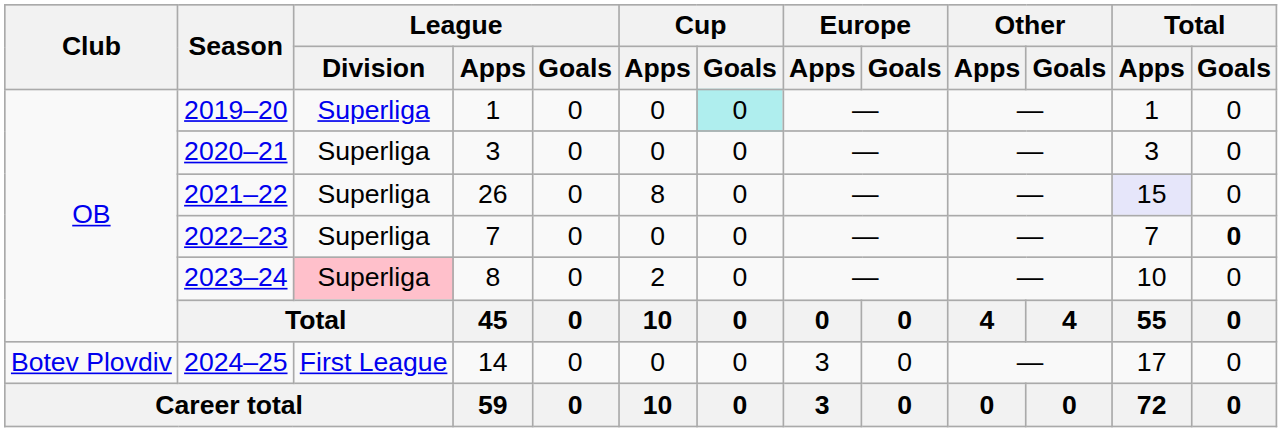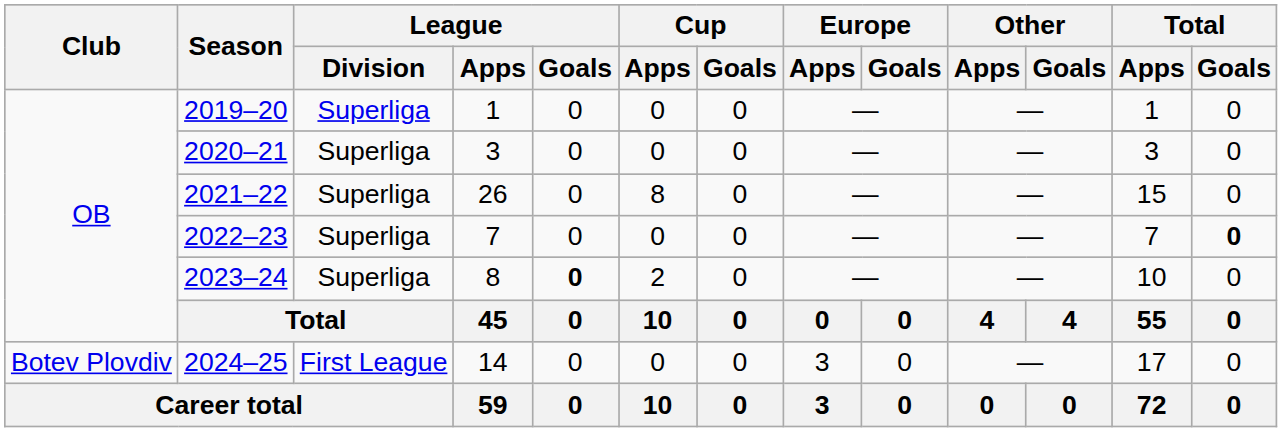 <table class="wikitable" style="text-align:center">
 <tr>
 <th rowspan="2">Club</th>
 <th rowspan="2">Season</th>
 <th colspan="3">League</th>
 <th colspan="2">Cup</th>
 <th colspan="2">Europe</th>
 <th colspan="2">Other</th>
 <th colspan="3">Total</th>
 </tr>
 <tr>
 <th>Division</th>
 <th>Apps</th>
 <th>Goals</th>
 <th>Apps</th>
 <th>Goals</th>
 <th>Apps</th>
 <th>Goals</th>
 <th>Apps</th>
 <th>Goals</th>
 <th>Apps</th>
 <th>Goals</th>
 </tr>
 <tr>
 <td rowspan="6"><a href='#'>OB</a></td>
 <td><a href='#'>2019–20</a></td>
 <td><a href='#'>Superliga</a></td>
 <td>1</td>
 <td>0</td>
 <td>0</td>
-<td style="background: paleturquoise;">0</td>
+<td>0</td>
 <td colspan="2">—</td>
 <td colspan="2">—</td>
 <td>1</td>
 <td>0</td>
 </tr>
 <tr>
 <td><a href='#'>2020–21</a></td>
 <td>Superliga</td>
 <td>3</td>
 <td>0</td>
 <td>0</td>
 <td>0</td>
 <td colspan="2">—</td>
 <td colspan="2">—</td>
 <td>3</td>
 <td>0</td>
 </tr>
 <tr>
 <td><a href='#'>2021–22</a></td>
 <td>Superliga</td>
 <td>26</td>
 <td>0</td>
 <td>8</td>
 <td>0</td>
 <td colspan="2">—</td>
 <td colspan="2">—</td>
-<td style="background: lavender;">15</td>
+<td>15</td>
 <td>0</td>
 </tr>
 <tr>
 <td><a href='#'>2022–23</a></td>
 <td>Superliga</td>
 <td>7</td>
 <td>0</td>
 <td>0</td>
 <td>0</td>
 <td colspan="2">—</td>
 <td colspan="2">—</td>
 <td>7</td>
 <td><strong>0</strong></td>
 </tr>
 <tr>
 <td><a href='#'>2023–24</a></td>
-<td style="background: pink;">Superliga</td>
+<td>Superliga</td>
 <td>8</td>
-<td>0</td>
+<td><strong>0</strong></td>
 <td>2</td>
 <td>0</td>
 <td colspan="2">—</td>
 <td colspan="2">—</td>
 <td>10</td>
 <td>0</td>
 </tr>
 <tr>
 <th colspan="2">Total</th>
 <th>45</th>
 <th>0</th>
 <th>10</th>
 <th>0</th>
 <th>0</th>
 <th>0</th>
 <th>4</th>
 <th>4</th>
 <th>55</th>
 <th>0</th>
 </tr>
 <tr>
 <td rowspan="1"><a href='#'>Botev Plovdiv</a></td>
 <td><a href='#'>2024–25</a></td>
 <td><a href='#'>First League</a></td>
 <td>14</td>
 <td>0</td>
 <td>0</td>
 <td>0</td>
 <td>3</td>
 <td>0</td>
 <td colspan="2">—</td>
 <td>17</td>
 <td>0</td>
 </tr>
 <tr>
 <th colspan="3">Career total</th>
 <th>59</th>
 <th>0</th>
 <th>10</th>
 <th>0</th>
 <th>3</th>
 <th>0</th>
 <th>0</th>
 <th>0</th>
 <th>72</th>
 <th>0</th>
 </tr>
 </table>
